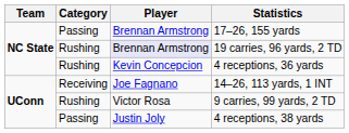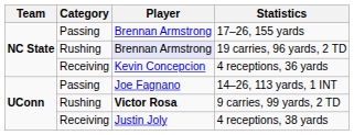 <table class="wikitable" style="float: left;">
 <tr>
 <th>Team</th>
 <th>Category</th>
 <th>Player</th>
 <th>Statistics</th>
 </tr>
 <tr>
 <td rowspan=3><strong>NC State</strong></td>
 <td>Passing</td>
 <td><a href='#'>Brennan Armstrong</a></td>
 <td>17–26, 155 yards</td>
 </tr>
 <tr>
 <td>Rushing</td>
 <td style="background: lavender;">Brennan Armstrong</td>
 <td>19 carries, 96 yards, 2 TD</td>
 </tr>
 <tr>
-<td>Rushing</td>
+<td>Receiving</td>
 <td><a href='#'>Kevin Concepcion</a></td>
 <td>4 receptions, 36 yards</td>
 </tr>
 <tr>
 <td rowspan=3><strong>UConn</strong></td>
-<td>Receiving</td>
+<td>Passing</td>
 <td><a href='#'>Joe Fagnano</a></td>
 <td>14–26, 113 yards, 1 INT</td>
 </tr>
 <tr>
 <td>Rushing</td>
-<td>Victor Rosa</td>
+<td><strong>Victor Rosa</strong></td>
 <td>9 carries, 99 yards, 2 TD</td>
 </tr>
 <tr>
-<td>Passing</td>
+<td>Receiving</td>
 <td><a href='#'>Justin Joly</a></td>
 <td>4 receptions, 38 yards</td>
 </tr>
 </table>
